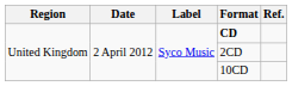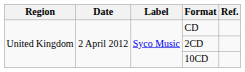 <table class="wikitable">
 <tr>
 <th>Region</th>
 <th>Date</th>
 <th>Label</th>
 <th>Format</th>
 <th>Ref.</th>
 </tr>
 <tr>
 <td rowspan="3">United Kingdom</td>
 <td rowspan="3">2 April 2012</td>
 <td rowspan="3"><a href='#'>Syco Music</a></td>
-<td><strong>CD</strong></td>
+<td>CD</td>
 <td align="center"></td>
 </tr>
 <tr>
 <td>2CD</td>
 <td align="center"></td>
 </tr>
 <tr>
 <td>10CD</td>
 <td align="center"></td>
 </tr>
 </table>
